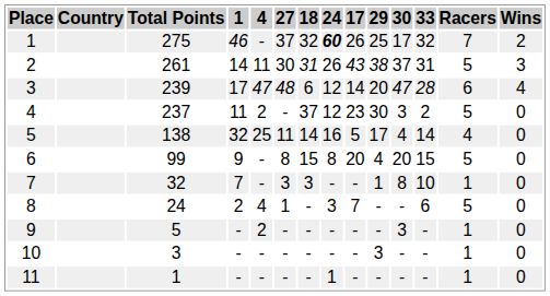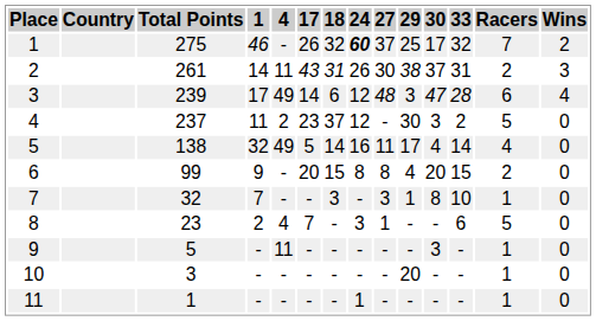 <table border="0" style="border: 1px solid #999; background-color:#FFFFFF; text-align:center">
 <tr align="center" bgcolor="#CCCCCC">
 <th>Place</th>
 <th>Country</th>
 <th>Total Points</th>
 <th>1</th>
 <th>4</th>
-<th>27</th>
+<th>17</th>
 <th>18</th>
 <th>24</th>
-<th>17</th>
+<th>27</th>
 <th>29</th>
 <th>30</th>
 <th>33</th>
 <th>Racers</th>
 <th>Wins</th>
 </tr>
 <tr bgcolor="#EFEFEF">
 <td>1</td>
 <td align="left"></td>
 <td>275</td>
 <td><em>46</em></td>
 <td>-</td>
-<td>37</td>
+<td>26</td>
 <td>32</td>
 <td><strong><em>60</em></strong></td>
-<td>26</td>
+<td>37</td>
 <td>25</td>
 <td>17</td>
 <td>32</td>
 <td>7</td>
 <td>2</td>
 </tr>
 <tr>
 <td>2</td>
 <td align="left"></td>
 <td>261</td>
 <td>14</td>
 <td>11</td>
-<td>30</td>
+<td><em>43</em></td>
 <td><em>31</em></td>
 <td>26</td>
-<td><em>43</em></td>
+<td>30</td>
 <td><em>38</em></td>
 <td>37</td>
 <td>31</td>
-<td>5</td>
+<td>2</td>
 <td>3</td>
 </tr>
 <tr bgcolor="#EFEFEF">
 <td>3</td>
 <td align="left"></td>
 <td>239</td>
 <td>17</td>
-<td><em>47</em></td>
-<td><em>48</em></td>
+<td>49</td>
+<td>14</td>
 <td>6</td>
 <td>12</td>
-<td>14</td>
-<td>20</td>
+<td><em>48</em></td>
+<td>3</td>
 <td><em>47</em></td>
 <td><em>28</em></td>
 <td>6</td>
 <td>4</td>
 </tr>
 <tr>
 <td>4</td>
 <td align="left"></td>
 <td>237</td>
 <td>11</td>
 <td>2</td>
-<td>-</td>
+<td>23</td>
 <td>37</td>
 <td>12</td>
-<td>23</td>
+<td>-</td>
 <td>30</td>
 <td>3</td>
 <td>2</td>
 <td>5</td>
 <td>0</td>
 </tr>
 <tr bgcolor="#EFEFEF">
 <td>5</td>
 <td align="left"></td>
 <td>138</td>
 <td>32</td>
-<td>25</td>
-<td>11</td>
+<td>49</td>
+<td>5</td>
 <td>14</td>
 <td>16</td>
-<td>5</td>
+<td>11</td>
 <td>17</td>
 <td>4</td>
 <td>14</td>
 <td>4</td>
 <td>0</td>
 </tr>
 <tr>
 <td>6</td>
 <td align="left"></td>
 <td>99</td>
 <td>9</td>
 <td>-</td>
-<td>8</td>
+<td>20</td>
 <td>15</td>
 <td>8</td>
-<td>20</td>
+<td>8</td>
 <td>4</td>
 <td>20</td>
 <td>15</td>
-<td>5</td>
+<td>2</td>
 <td>0</td>
 </tr>
 <tr bgcolor="#EFEFEF">
 <td>7</td>
 <td align="left"></td>
 <td>32</td>
 <td>7</td>
 <td>-</td>
-<td>3</td>
+<td>-</td>
 <td>3</td>
 <td>-</td>
-<td>-</td>
+<td>3</td>
 <td>1</td>
 <td>8</td>
 <td>10</td>
 <td>1</td>
 <td>0</td>
 </tr>
 <tr>
 <td>8</td>
 <td align="left"></td>
-<td>24</td>
+<td>23</td>
 <td>2</td>
 <td>4</td>
-<td>1</td>
+<td>7</td>
 <td>-</td>
 <td>3</td>
-<td>7</td>
+<td>1</td>
 <td>-</td>
 <td>-</td>
 <td>6</td>
 <td>5</td>
 <td>0</td>
 </tr>
 <tr bgcolor="#EFEFEF">
 <td>9</td>
 <td align="left"></td>
 <td>5</td>
 <td>-</td>
-<td>2</td>
+<td>11</td>
 <td>-</td>
 <td>-</td>
 <td>-</td>
 <td>-</td>
 <td>-</td>
 <td>3</td>
 <td>-</td>
 <td>1</td>
 <td>0</td>
 </tr>
 <tr>
 <td>10</td>
 <td align="left"></td>
 <td>3</td>
 <td>-</td>
 <td>-</td>
 <td>-</td>
 <td>-</td>
 <td>-</td>
 <td>-</td>
-<td>3</td>
+<td>20</td>
 <td>-</td>
 <td>-</td>
 <td>1</td>
 <td>0</td>
 </tr>
 <tr bgcolor="#EFEFEF">
 <td>11</td>
 <td align="left"></td>
 <td>1</td>
 <td>-</td>
 <td>-</td>
 <td>-</td>
 <td>-</td>
 <td>1</td>
 <td>-</td>
 <td>-</td>
 <td>-</td>
 <td>-</td>
 <td>1</td>
 <td>0</td>
 </tr>
 </table>
